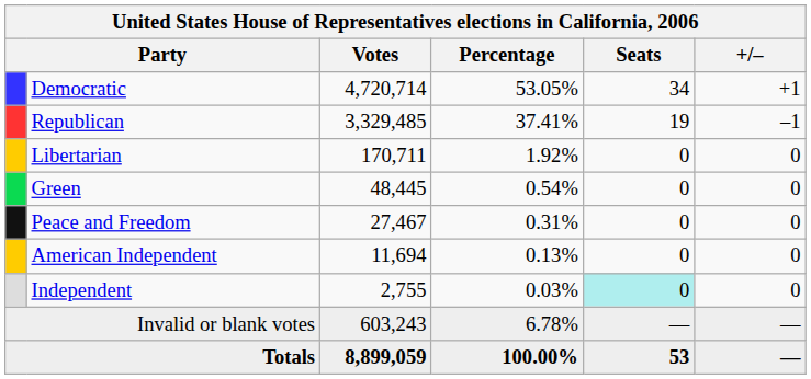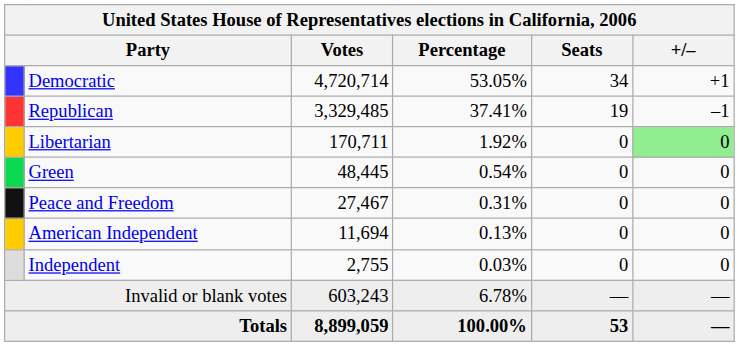 <table class="wikitable" style="font-size: 95%;">
 <tr style="background:#e9e9e9;">
 <th colspan="6">United States House of Representatives elections in California, 2006</th>
 </tr>
 <tr style="background:#eee; text-align:center;">
 <th colspan=2 style="width: 15em">Party</th>
 <th style="width: 5em">Votes</th>
 <th style="width: 7em">Percentage</th>
 <th style="width: 5em">Seats</th>
 <th style="width: 5em">+/–</th>
 </tr>
 <tr>
 <th style="background:#33f; width:3px;"></th>
 <td style="width: 130px"><a href='#'>Democratic</a></td>
 <td style="text-align:right;">4,720,714</td>
 <td style="text-align:right;">53.05%</td>
 <td style="text-align:right;">34</td>
 <td style="text-align:right;">+1</td>
 </tr>
 <tr>
 <th style="background:#f33; width:3px;"></th>
 <td style="width: 130px"><a href='#'>Republican</a></td>
 <td style="text-align:right;">3,329,485</td>
 <td style="text-align:right;">37.41%</td>
 <td style="text-align:right;">19</td>
 <td style="text-align:right;">–1</td>
 </tr>
 <tr>
 <th style="background:#fc0; width:3px;"></th>
 <td style="width: 130px"><a href='#'>Libertarian</a></td>
 <td style="text-align:right;">170,711</td>
 <td style="text-align:right;">1.92%</td>
 <td style="text-align:right;">0</td>
-<td style="text-align:right;">0</td>
+<td style="background: lightgreen; text-align:right;">0</td>
 </tr>
 <tr>
 <th style="background:#0bda51; width:3px;"></th>
 <td style="width: 130px"><a href='#'>Green</a></td>
 <td style="text-align:right;">48,445</td>
 <td style="text-align:right;">0.54%</td>
 <td style="text-align:right;">0</td>
 <td style="text-align:right;">0</td>
 </tr>
 <tr>
 <th style="background:#111; width:3px;"></th>
 <td style="width: 130px"><a href='#'>Peace and Freedom</a></td>
 <td style="text-align:right;">27,467</td>
 <td style="text-align:right;">0.31%</td>
 <td style="text-align:right;">0</td>
 <td style="text-align:right;">0</td>
 </tr>
 <tr>
 <th style="background:#fc0; width:3px;"></th>
 <td style="width: 130px"><a href='#'>American Independent</a></td>
 <td style="text-align:right;">11,694</td>
 <td style="text-align:right;">0.13%</td>
 <td style="text-align:right;">0</td>
 <td style="text-align:right;">0</td>
 </tr>
 <tr>
 <th style="background:#ddd; width:3px;"></th>
 <td style="width: 130px"><a href='#'>Independent</a></td>
 <td style="text-align:right;">2,755</td>
 <td style="text-align:right;">0.03%</td>
-<td style="background: paleturquoise; text-align:right;">0</td>
+<td style="text-align:right;">0</td>
 <td style="text-align:right;">0</td>
 </tr>
 <tr style="background:#eee; text-align:right;">
 <td colspan="2">Invalid or blank votes</td>
 <td>603,243</td>
 <td>6.78%</td>
 <td>—</td>
 <td>—</td>
 </tr>
 <tr style="background:#eee; text-align:right;">
 <td colspan="2"><strong>Totals</strong></td>
 <td><strong>8,899,059</strong></td>
 <td><strong>100.00%</strong></td>
 <td><strong>53</strong></td>
 <td><strong>—</strong></td>
 </tr>
 </table>
